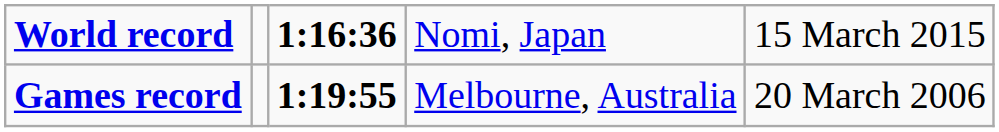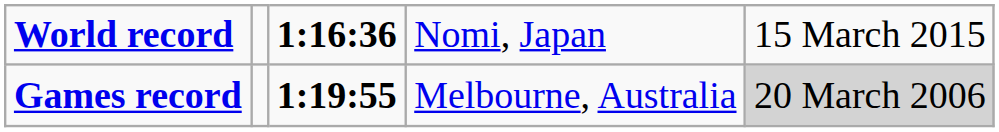 <table class="wikitable">
 <tr>
 <td><a href='#'><strong>World record</strong></a></td>
 <td></td>
 <td><strong>1:16:36</strong></td>
 <td><a href='#'>Nomi</a>, <a href='#'>Japan</a></td>
 <td>15 March 2015</td>
 </tr>
 <tr>
 <td><a href='#'><strong>Games record</strong></a></td>
 <td></td>
 <td><strong>1:19:55</strong></td>
 <td><a href='#'>Melbourne</a>, <a href='#'>Australia</a></td>
-<td>20 March 2006</td>
+<td style="background: lightgrey;">20 March 2006</td>
 </tr>
 </table>
